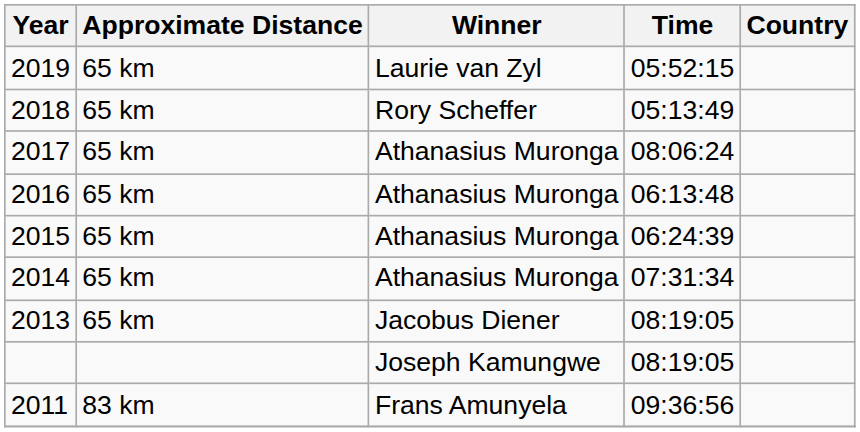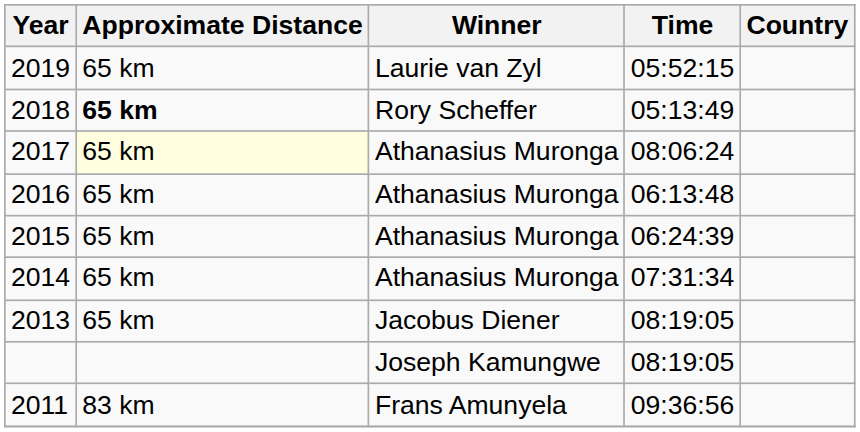 <table class="wikitable">
 <tr>
 <th>Year</th>
 <th>Approximate Distance</th>
 <th>Winner</th>
 <th>Time</th>
 <th>Country</th>
 </tr>
 <tr>
 <td>2019</td>
 <td>65 km</td>
 <td>Laurie van Zyl</td>
 <td>05:52:15</td>
 <td></td>
 </tr>
 <tr>
 <td>2018</td>
-<td>65 km</td>
+<td><strong>65 km</strong></td>
 <td>Rory Scheffer</td>
 <td>05:13:49</td>
 <td></td>
 </tr>
 <tr>
 <td>2017</td>
-<td>65 km</td>
+<td style="background: lightyellow;">65 km</td>
 <td>Athanasius Muronga</td>
 <td>08:06:24</td>
 <td></td>
 </tr>
 <tr>
 <td>2016</td>
 <td>65 km</td>
 <td>Athanasius Muronga</td>
 <td>06:13:48</td>
 <td></td>
 </tr>
 <tr>
 <td>2015</td>
 <td>65 km</td>
 <td>Athanasius Muronga</td>
 <td>06:24:39</td>
 <td></td>
 </tr>
 <tr>
 <td>2014</td>
 <td>65 km</td>
 <td>Athanasius Muronga</td>
 <td>07:31:34</td>
 <td></td>
 </tr>
 <tr>
 <td>2013</td>
 <td>65 km</td>
 <td>Jacobus Diener</td>
 <td>08:19:05</td>
 <td></td>
 </tr>
 <tr>
 <td></td>
 <td></td>
 <td>Joseph Kamungwe</td>
 <td>08:19:05</td>
 <td></td>
 </tr>
 <tr>
 <td>2011</td>
 <td>83 km</td>
 <td>Frans Amunyela</td>
 <td>09:36:56</td>
 <td></td>
 </tr>
 <tr>
 </tr>
 </table>
